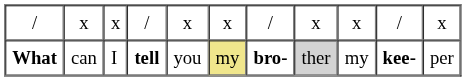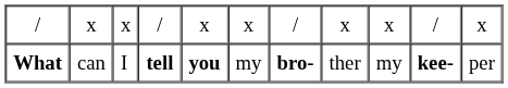 <table border=1 cellspacing=0 cellpadding=5>
 <tr>
 <td style="text-align: center;">/</td>
 <td style="text-align: center;">x</td>
 <td style="text-align: center;">x</td>
 <td style="text-align: center;">/</td>
 <td style="text-align: center;">x</td>
 <td style="text-align: center;">x</td>
 <td style="text-align: center;">/</td>
 <td style="text-align: center;">x</td>
 <td style="text-align: center;">x</td>
 <td style="text-align: center;">/</td>
 <td style="text-align: center;">x</td>
 </tr>
 <tr>
 <td><strong>What</strong></td>
 <td>can</td>
 <td>I</td>
 <td><strong>tell</strong></td>
-<td>you</td>
-<td style="background: khaki;">my</td>
+<td><strong>you</strong></td>
+<td>my</td>
 <td><strong>bro-</strong></td>
-<td style="background: lightgrey;">ther</td>
+<td>ther</td>
 <td>my</td>
 <td><strong>kee-</strong></td>
 <td>per</td>
 </tr>
 </table>
